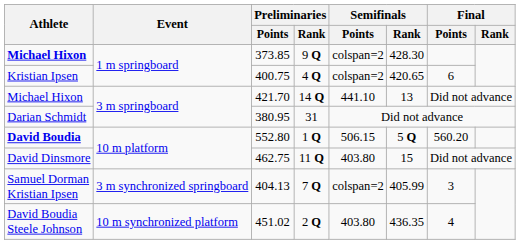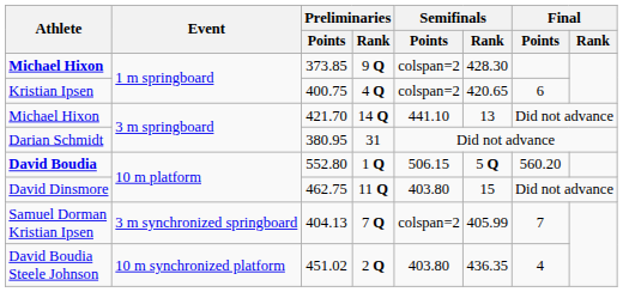 <table class=wikitable style="font-size:90%;">
 <tr>
 <th rowspan="2">Athlete</th>
 <th rowspan="2">Event</th>
 <th colspan="2">Preliminaries</th>
 <th colspan="2">Semifinals</th>
 <th colspan="2">Final</th>
 </tr>
 <tr style="font-size:95%">
 <th>Points</th>
 <th>Rank</th>
 <th>Points</th>
 <th>Rank</th>
 <th>Points</th>
 <th>Rank</th>
 </tr>
 <tr align=center>
 <td align=left><strong><a href='#'>Michael Hixon</a></strong></td>
 <td align=left rowspan=2><a href='#'>1 m springboard</a></td>
 <td>373.85</td>
 <td>9 <strong>Q</strong></td>
 <td>colspan=2 </td>
 <td>428.30</td>
 <td></td>
 </tr>
 <tr align=center>
 <td align=left><a href='#'>Kristian Ipsen</a></td>
 <td>400.75</td>
 <td>4 <strong>Q</strong></td>
 <td>colspan=2 </td>
 <td>420.65</td>
 <td>6</td>
 </tr>
 <tr align=center>
 <td align=left><a href='#'>Michael Hixon</a></td>
 <td align=left rowspan=2><a href='#'>3 m springboard</a></td>
 <td>421.70</td>
 <td>14 <strong>Q</strong></td>
 <td>441.10</td>
 <td>13</td>
 <td colspan=2>Did not advance</td>
 </tr>
 <tr align=center>
 <td align=left><a href='#'>Darian Schmidt</a></td>
 <td>380.95</td>
 <td>31</td>
 <td colspan=4>Did not advance</td>
 </tr>
 <tr align=center>
 <td align=left><strong><a href='#'>David Boudia</a></strong></td>
 <td align=left rowspan=2><a href='#'>10 m platform</a></td>
 <td>552.80</td>
 <td>1 <strong>Q</strong></td>
 <td>506.15</td>
 <td>5 <strong>Q</strong></td>
 <td>560.20</td>
 <td></td>
 </tr>
 <tr align=center>
 <td align=left><a href='#'>David Dinsmore</a></td>
 <td>462.75</td>
 <td>11 <strong>Q</strong></td>
 <td>403.80</td>
 <td>15</td>
 <td colspan=2>Did not advance</td>
 </tr>
 <tr align=center>
 <td align=left><a href='#'>Samuel Dorman</a><br><a href='#'>Kristian Ipsen</a></td>
 <td align=left><a href='#'>3 m synchronized springboard</a></td>
 <td>404.13</td>
 <td>7 <strong>Q</strong></td>
 <td>colspan=2 </td>
 <td>405.99</td>
-<td>3</td>
+<td>7</td>
 </tr>
 <tr align=center>
 <td align=left><a href='#'>David Boudia</a><br><a href='#'>Steele Johnson</a></td>
 <td align=left><a href='#'>10 m synchronized platform</a></td>
 <td>451.02</td>
 <td>2 <strong>Q</strong></td>
 <td>403.80</td>
 <td>436.35</td>
 <td>4</td>
 </tr>
 </table>
